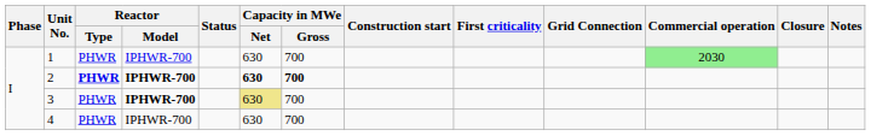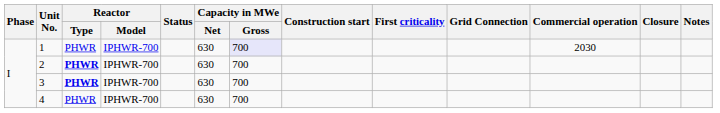 <table class="wikitable sortable mw-datatable">
 <tr>
 <th rowspan="2">Phase</th>
 <th rowspan="2">Unit<br>No.</th>
 <th colspan="2">Reactor</th>
 <th rowspan="2">Status</th>
 <th colspan="2">Capacity in MWe</th>
 <th rowspan="2">Construction start</th>
 <th rowspan="2">First <a href='#'>criticality</a></th>
 <th rowspan="2">Grid Connection</th>
 <th rowspan="2">Commercial operation</th>
 <th rowspan="2">Closure</th>
 <th rowspan="2">Notes</th>
 </tr>
 <tr>
 <th>Type</th>
 <th>Model</th>
 <th>Net</th>
 <th>Gross</th>
 </tr>
 <tr>
 <td rowspan="4">I</td>
 <td>1</td>
 <td><a href='#'>PHWR</a></td>
 <td><a href='#'>IPHWR-700</a></td>
 <td></td>
 <td>630</td>
-<td>700</td>
+<td style="background: lavender;">700</td>
 <td></td>
 <td></td>
 <td></td>
-<td align="center" style="background: lightgreen;">2030</td>
+<td align="center">2030</td>
 <td></td>
 <td></td>
 </tr>
 <tr>
 <td>2</td>
 <td><strong><a href='#'>PHWR</a></strong></td>
-<td><strong>IPHWR-700</strong></td>
+<td>IPHWR-700</td>
 <td></td>
-<td><strong>630</strong></td>
-<td><strong>700</strong></td>
+<td>630</td>
+<td>700</td>
 <td></td>
 <td></td>
 <td></td>
 <td></td>
 <td></td>
 <td></td>
 </tr>
 <tr>
 <td>3</td>
-<td><a href='#'>PHWR</a></td>
-<td><strong>IPHWR-700</strong></td>
+<td><strong><a href='#'>PHWR</a></strong></td>
+<td>IPHWR-700</td>
 <td></td>
-<td style="background: khaki;">630</td>
+<td>630</td>
 <td>700</td>
 <td></td>
 <td></td>
 <td></td>
 <td></td>
 <td></td>
 <td></td>
 </tr>
 <tr>
 <td>4</td>
 <td><a href='#'>PHWR</a></td>
 <td>IPHWR-700</td>
 <td></td>
 <td>630</td>
 <td>700</td>
 <td></td>
 <td></td>
 <td></td>
 <td></td>
 <td></td>
 <td></td>
 </tr>
 </table>
